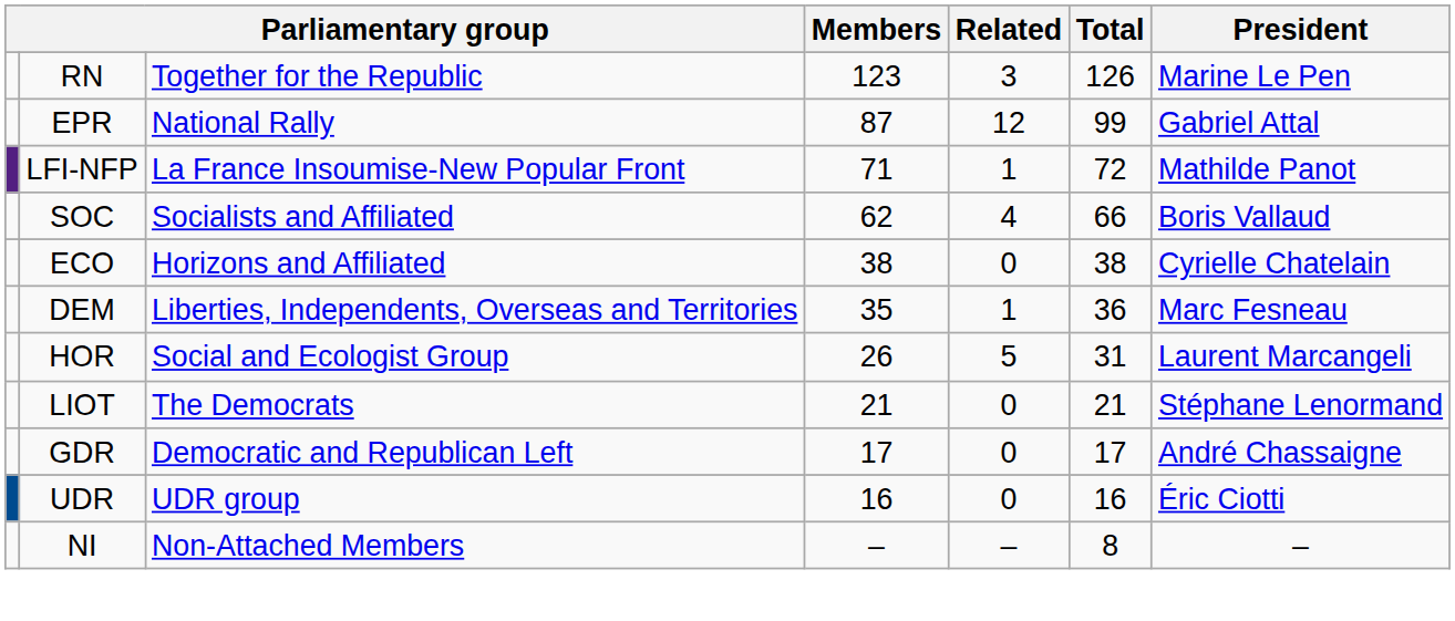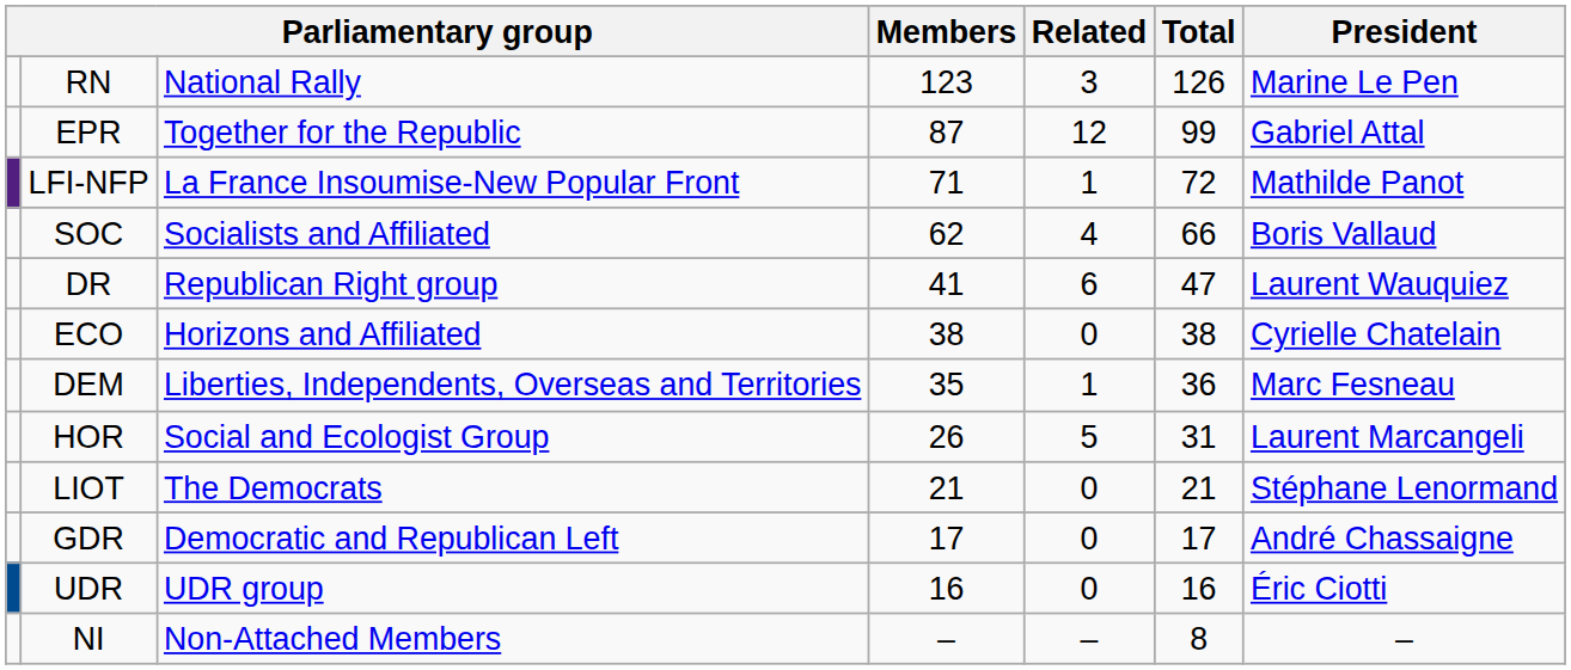 <table class="wikitable" style="font-size:95%;text-align:center;">
 <tr style="background-color:#E9E9E9;">
 <th colspan="3">Parliamentary group</th>
 <th>Members</th>
 <th>Related</th>
 <th>Total</th>
 <th>President</th>
 </tr>
 <tr>
 <td style="background:"></td>
 <td>RN</td>
-<td style="text-align:left;"><a href='#'>Together for the Republic</a></td>
+<td style="text-align:left;"><a href='#'>National Rally</a></td>
 <td>123</td>
 <td>3</td>
 <td>126</td>
 <td style="text-align:left;"><a href='#'>Marine Le Pen</a></td>
 </tr>
 <tr>
 <td style="background:"></td>
 <td>EPR</td>
-<td style="text-align:left;"><a href='#'>National Rally</a></td>
+<td style="text-align:left;"><a href='#'>Together for the Republic</a></td>
 <td>87</td>
 <td>12</td>
 <td>99</td>
 <td style="text-align:left;"><a href='#'>Gabriel Attal</a></td>
 </tr>
 <tr>
 <td style="background:#521f81;"></td>
 <td>LFI-NFP</td>
 <td style="text-align:left;"><a href='#'>La France Insoumise-New Popular Front</a></td>
 <td>71</td>
 <td>1</td>
 <td>72</td>
 <td style="text-align:left;"><a href='#'>Mathilde Panot</a></td>
 </tr>
 <tr>
 <td style="background:"></td>
 <td>SOC</td>
 <td style="text-align:left;"><a href='#'>Socialists and Affiliated</a></td>
 <td>62</td>
 <td>4</td>
 <td>66</td>
 <td style="text-align:left;"><a href='#'>Boris Vallaud</a></td>
+</tr>
+<tr>
+<td style="background:"></td>
+<td>DR</td>
+<td style="text-align:left;"><a href='#'>Republican Right group</a></td>
+<td>41</td>
+<td>6</td>
+<td>47</td>
+<td style="text-align:left;"><a href='#'>Laurent Wauquiez</a></td>
 </tr>
 <tr>
 <td style="background:"></td>
 <td>ECO</td>
 <td style="text-align:left;"><a href='#'>Horizons and Affiliated</a></td>
 <td>38</td>
 <td>0</td>
 <td>38</td>
 <td style="text-align:left;"><a href='#'>Cyrielle Chatelain</a></td>
 </tr>
 <tr>
 <td style="background:"></td>
 <td>DEM</td>
 <td style="text-align:left;"><a href='#'>Liberties, Independents, Overseas and Territories</a></td>
 <td>35</td>
 <td>1</td>
 <td>36</td>
 <td style="text-align:left;"><a href='#'>Marc Fesneau</a></td>
 </tr>
 <tr>
 <td style="background:"></td>
 <td>HOR</td>
 <td style="text-align:left;"><a href='#'>Social and Ecologist Group</a></td>
 <td>26</td>
 <td>5</td>
 <td>31</td>
 <td style="text-align:left;"><a href='#'>Laurent Marcangeli</a></td>
 </tr>
 <tr>
 <td style="background:"></td>
 <td>LIOT</td>
 <td style="text-align:left;"><a href='#'>The Democrats</a></td>
 <td>21</td>
 <td>0</td>
 <td>21</td>
 <td style="text-align:left;"><a href='#'>Stéphane Lenormand</a></td>
 </tr>
 <tr>
 <td style="background:"></td>
 <td>GDR</td>
 <td style="text-align:left;"><a href='#'>Democratic and Republican Left</a></td>
 <td>17</td>
 <td>0</td>
 <td>17</td>
 <td style="text-align:left;"><a href='#'>André Chassaigne</a></td>
 </tr>
 <tr>
 <td style="background:#004b8f;"></td>
 <td>UDR</td>
 <td style="text-align:left;"><a href='#'>UDR group</a></td>
 <td>16</td>
 <td>0</td>
 <td>16</td>
 <td style="text-align:left;"><a href='#'>Éric Ciotti</a></td>
 </tr>
 <tr>
 <td style="background:"></td>
 <td>NI</td>
 <td style="text-align:left;"><a href='#'>Non-Attached Members</a></td>
 <td>–</td>
 <td>–</td>
 <td>8</td>
 <td>–</td>
 </tr>
 </table>
